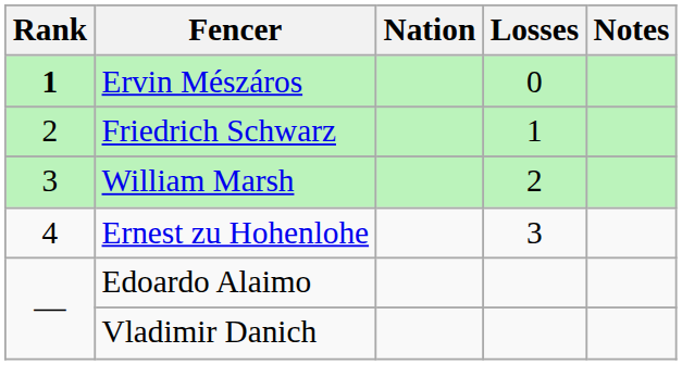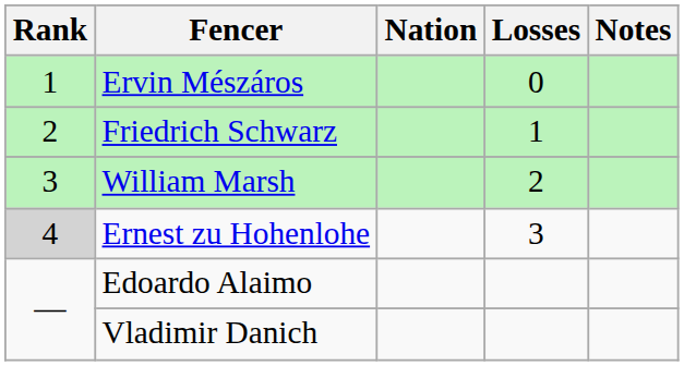 <table class="wikitable sortable" style="text-align:center">
 <tr>
 <th>Rank</th>
 <th>Fencer</th>
 <th>Nation</th>
 <th>Losses</th>
 <th>Notes</th>
 </tr>
 <tr bgcolor=bbf3bb>
-<td><strong>1</strong></td>
+<td>1</td>
 <td align=left><a href='#'>Ervin Mészáros</a></td>
 <td align=left></td>
 <td>0</td>
 <td></td>
 </tr>
 <tr bgcolor=bbf3bb>
 <td>2</td>
 <td align=left><a href='#'>Friedrich Schwarz</a></td>
 <td align=left></td>
 <td>1</td>
 <td></td>
 </tr>
 <tr bgcolor=bbf3bb>
 <td>3</td>
 <td align=left><a href='#'>William Marsh</a></td>
 <td align=left></td>
 <td>2</td>
 <td></td>
 </tr>
 <tr>
-<td>4</td>
+<td style="background: lightgrey;">4</td>
 <td align=left><a href='#'>Ernest zu Hohenlohe</a></td>
 <td align=left></td>
 <td>3</td>
 <td></td>
 </tr>
 <tr>
 <td rowspan=2 data-sort-value=5>—</td>
 <td align=left>Edoardo Alaimo</td>
 <td align=left></td>
 <td></td>
 <td></td>
 </tr>
 <tr>
 <td align=left>Vladimir Danich</td>
 <td align=left></td>
 <td></td>
 <td></td>
 </tr>
 </table>
